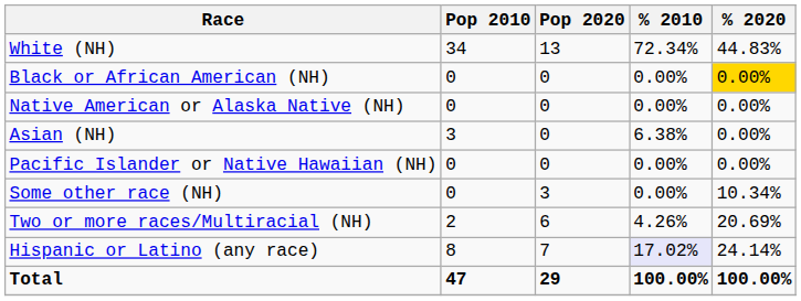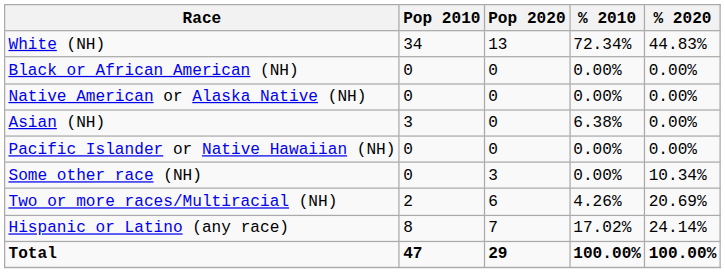 <table class="wikitable">
 <tr>
 <th>Race</th>
 <th>Pop 2010</th>
 <th>Pop 2020</th>
 <th>% 2010</th>
 <th>% 2020</th>
 </tr>
 <tr>
 <td><a href='#'>White</a> (NH)</td>
 <td>34</td>
 <td>13</td>
 <td>72.34%</td>
 <td>44.83%</td>
 </tr>
 <tr>
 <td><a href='#'>Black or African American</a> (NH)</td>
 <td>0</td>
 <td>0</td>
 <td>0.00%</td>
-<td style="background: gold;">0.00%</td>
+<td>0.00%</td>
 </tr>
 <tr>
 <td><a href='#'>Native American</a> or <a href='#'>Alaska Native</a> (NH)</td>
 <td>0</td>
 <td>0</td>
 <td>0.00%</td>
 <td>0.00%</td>
 </tr>
 <tr>
 <td><a href='#'>Asian</a> (NH)</td>
 <td>3</td>
 <td>0</td>
 <td>6.38%</td>
 <td>0.00%</td>
 </tr>
 <tr>
 <td><a href='#'>Pacific Islander</a> or <a href='#'>Native Hawaiian</a> (NH)</td>
 <td>0</td>
 <td>0</td>
 <td>0.00%</td>
 <td>0.00%</td>
 </tr>
 <tr>
 <td><a href='#'>Some other race</a> (NH)</td>
 <td>0</td>
 <td>3</td>
 <td>0.00%</td>
 <td>10.34%</td>
 </tr>
 <tr>
 <td><a href='#'>Two or more races/Multiracial</a> (NH)</td>
 <td>2</td>
 <td>6</td>
 <td>4.26%</td>
 <td>20.69%</td>
 </tr>
 <tr>
 <td><a href='#'>Hispanic or Latino</a> (any race)</td>
 <td>8</td>
 <td>7</td>
-<td style="background: lavender;">17.02%</td>
+<td>17.02%</td>
 <td>24.14%</td>
 </tr>
 <tr>
 <td><strong>Total</strong></td>
 <td><strong>47</strong></td>
 <td><strong>29</strong></td>
 <td><strong>100.00%</strong></td>
 <td><strong>100.00%</strong></td>
 </tr>
 <tr>
 </tr>
 </table>
